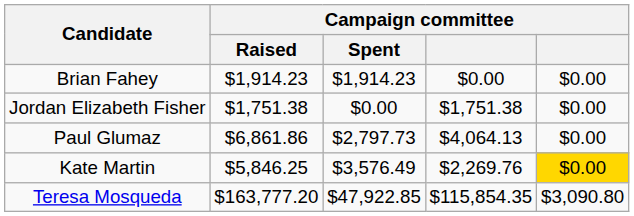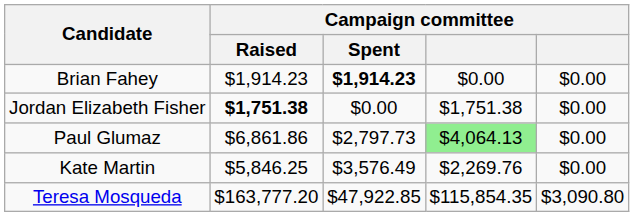 <table class="wikitable sortable" style="font-size:90%;text-align:center;">
 <tr>
 <th rowspan="2">Candidate</th>
 <th colspan="7">Campaign committee</th>
 </tr>
 <tr>
 <th>Raised</th>
 <th>Spent</th>
 <th data-sort-type=currency></th>
 <th></th>
 </tr>
 <tr>
 <td>Brian Fahey</td>
 <td>$1,914.23</td>
-<td>$1,914.23</td>
+<td><strong>$1,914.23</strong></td>
 <td>$0.00</td>
 <td>$0.00</td>
 </tr>
 <tr>
 <td>Jordan Elizabeth Fisher</td>
-<td>$1,751.38</td>
+<td><strong>$1,751.38</strong></td>
 <td>$0.00</td>
 <td>$1,751.38</td>
 <td>$0.00</td>
 </tr>
 <tr>
 <td>Paul Glumaz</td>
 <td>$6,861.86</td>
 <td>$2,797.73</td>
-<td>$4,064.13</td>
+<td style="background: lightgreen;">$4,064.13</td>
 <td>$0.00</td>
 </tr>
 <tr>
 <td>Kate Martin</td>
 <td>$5,846.25</td>
 <td>$3,576.49</td>
 <td>$2,269.76</td>
-<td style="background: gold;">$0.00</td>
+<td>$0.00</td>
 </tr>
 <tr>
 <td><a href='#'>Teresa Mosqueda</a></td>
 <td>$163,777.20</td>
 <td>$47,922.85</td>
 <td>$115,854.35</td>
 <td>$3,090.80</td>
 </tr>
 </table>
